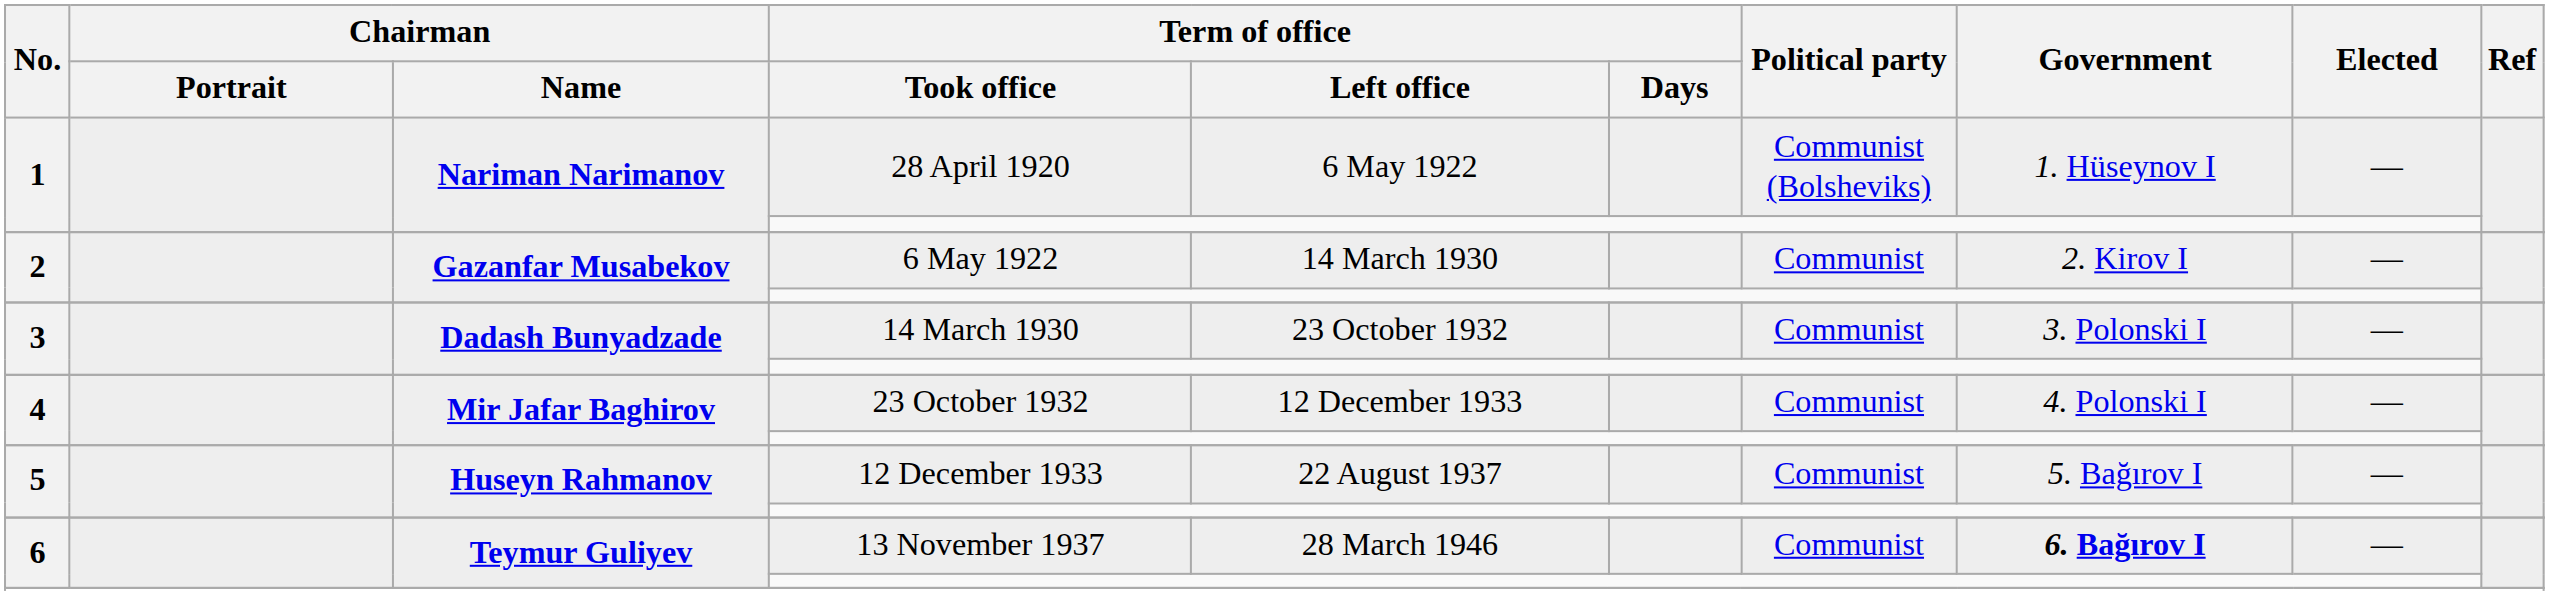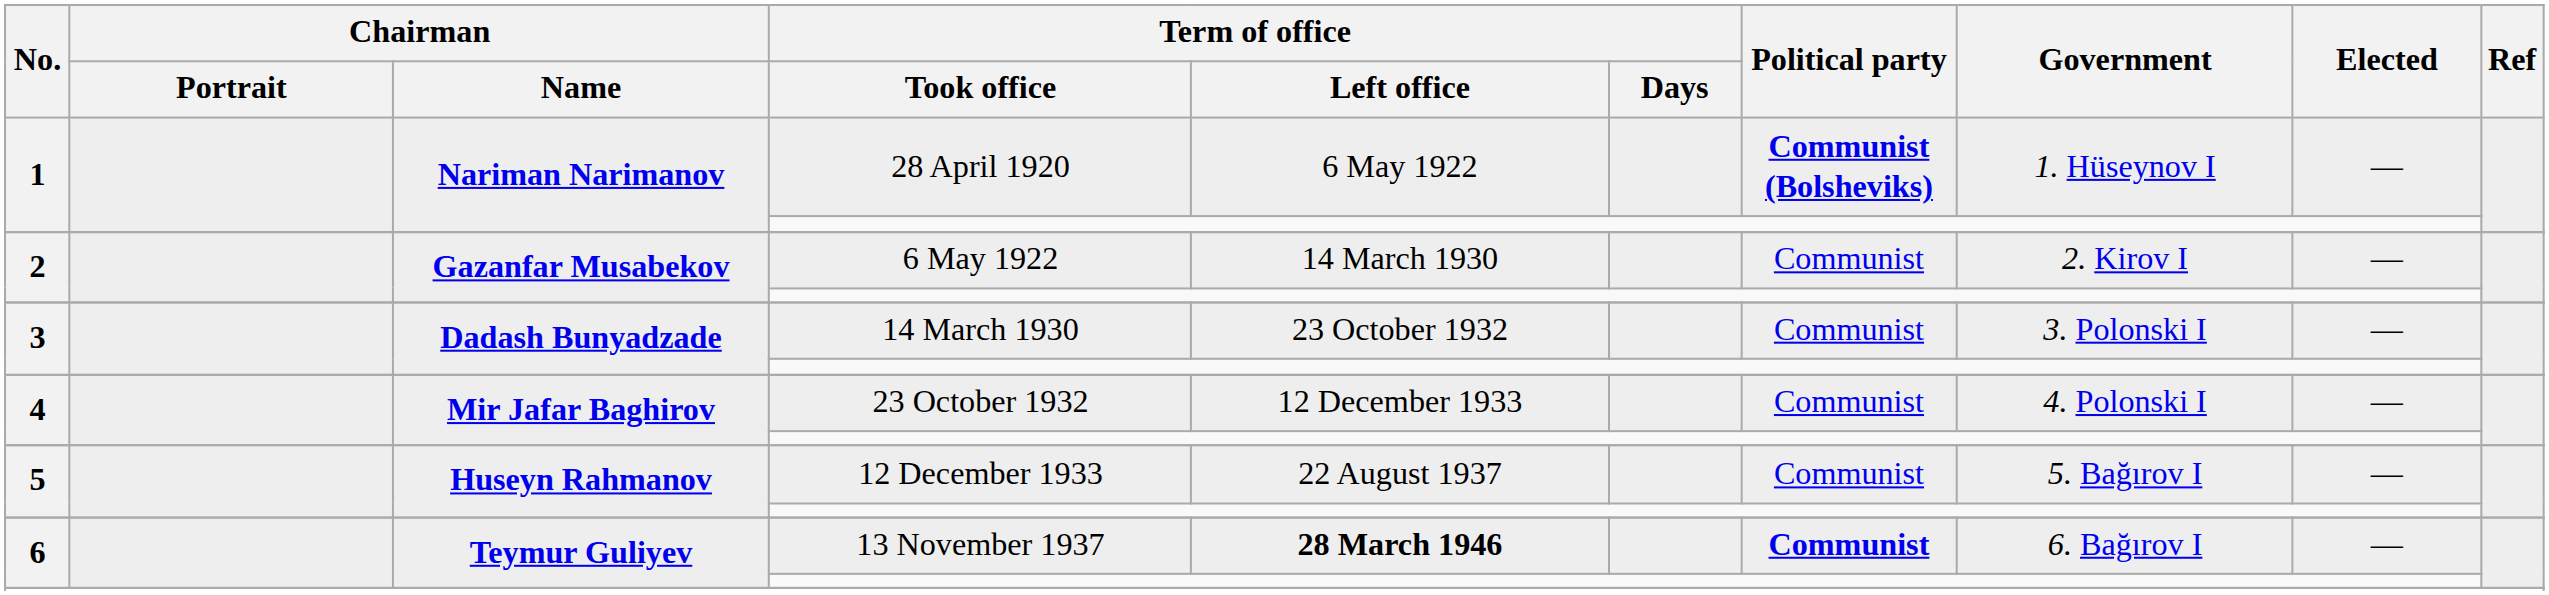 <table class="wikitable" style="text-align:center; line-height:130%;" width="100%">
 <tr>
 <th rowspan=2 style="width:25px;">No.</th>
 <th colspan=2 style="width:280px;">Chairman</th>
 <th colspan=3>Term of office</th>
 <th style="width:100px;" rowspan="2">Political party</th>
 <th style="width:160px;" rowspan="2">Government</th>
 <th rowspan=2>Elected</th>
 <th rowspan=2 style="width:20px;">Ref</th>
 </tr>
 <tr>
 <th>Portrait</th>
 <th width=180px>Name</th>
 <th>Took office</th>
 <th>Left office</th>
 <th>Days</th>
 </tr>
 <tr bgcolor=#EEEEEE>
 <th rowspan=2 style="background:">1</th>
 <td rowspan=2></td>
 <td rowspan=2><strong><a href='#'>Nariman Narimanov</a></strong><br></td>
 <td>28 April 1920</td>
 <td>6 May 1922</td>
 <td></td>
-<td style="background:"><span><a href='#'>Communist <br> (Bolsheviks)</a></span></td>
+<td style="background:"><strong><span><a href='#'>Communist <br> (Bolsheviks)</a></span></strong></td>
 <td><em>1.</em> <a href='#'>Hüseynov I</a></td>
 <td>—</td>
 <td rowspan=2></td>
 </tr>
 <tr>
 <td colspan=6 align=center></td>
 </tr>
 <tr bgcolor=#EEEEEE>
 </tr>
 <tr>
 </tr>
 <tr bgcolor=#EEEEEE>
 <th rowspan=2 style="background:">2</th>
 <td rowspan=2></td>
 <td rowspan=2><strong><a href='#'>Gazanfar Musabekov</a></strong><br></td>
 <td>6 May 1922</td>
 <td>14 March 1930</td>
 <td></td>
 <td style="background:"><span><a href='#'>Communist</a></span></td>
 <td><em>2.</em> <a href='#'>Kirov I</a></td>
 <td>—</td>
 <td rowspan=2></td>
 </tr>
 <tr>
 <td colspan=6 align=center></td>
 </tr>
 <tr bgcolor=#EEEEEE>
 </tr>
 <tr>
 </tr>
 <tr bgcolor=#EEEEEE>
 <th rowspan=2 style="background:">3</th>
 <td rowspan=2><br></td>
 <td rowspan=2><strong><a href='#'>Dadash Bunyadzade</a></strong><br></td>
 <td>14 March 1930</td>
 <td>23 October 1932</td>
 <td></td>
 <td style="background:"><span><a href='#'>Communist</a></span></td>
 <td><em>3.</em> <a href='#'>Polonski I</a></td>
 <td>—</td>
 <td rowspan=2></td>
 </tr>
 <tr>
 <td colspan=6 align=center></td>
 </tr>
 <tr bgcolor=#EEEEEE>
 </tr>
 <tr>
 </tr>
 <tr bgcolor=#EEEEEE>
 <th rowspan=2 style="background:">4</th>
 <td rowspan=2></td>
 <td rowspan=2><strong><a href='#'>Mir Jafar Baghirov</a></strong><br></td>
 <td>23 October 1932</td>
 <td>12 December 1933</td>
 <td></td>
 <td style="background:"><span><a href='#'>Communist</a></span></td>
 <td><em>4.</em> <a href='#'>Polonski I</a></td>
 <td>—</td>
 <td rowspan=2></td>
 </tr>
 <tr>
 <td colspan=6 align=left></td>
 </tr>
 <tr bgcolor=#EEEEEE>
 </tr>
 <tr>
 </tr>
 <tr bgcolor=#EEEEEE>
 <th rowspan=2 style="background:">5</th>
 <td rowspan=2></td>
 <td rowspan=2><strong><a href='#'>Huseyn Rahmanov</a></strong><br></td>
 <td>12 December 1933</td>
 <td>22 August 1937</td>
 <td></td>
 <td style="background:"><span><a href='#'>Communist</a></span></td>
 <td><em>5.</em> <a href='#'>Bağırov I</a></td>
 <td>—</td>
 <td rowspan=2></td>
 </tr>
 <tr>
 <td colspan=6 align=left></td>
 </tr>
 <tr bgcolor=#EEEEEE>
 </tr>
 <tr>
 </tr>
 <tr bgcolor=#EEEEEE>
 <th rowspan=2 style="background:">6</th>
 <td rowspan=2></td>
 <td rowspan=2><strong><a href='#'>Teymur Guliyev</a></strong><br></td>
 <td>13 November 1937</td>
-<td>28 March 1946</td>
+<td><strong>28 March 1946</strong></td>
 <td></td>
-<td style="background:"><span><a href='#'>Communist</a></span></td>
-<td><strong><em>6.</em> <a href='#'>Bağırov I</a></strong></td>
+<td style="background:"><strong><span><a href='#'>Communist</a></span></strong></td>
+<td><em>6.</em> <a href='#'>Bağırov I</a></td>
 <td>—</td>
 <td rowspan=2></td>
 </tr>
 <tr>
 <td colspan=6 align=left></td>
 </tr>
 <tr bgcolor=#EEEEEE>
 </tr>
 <tr>
 </tr>
 </table>
